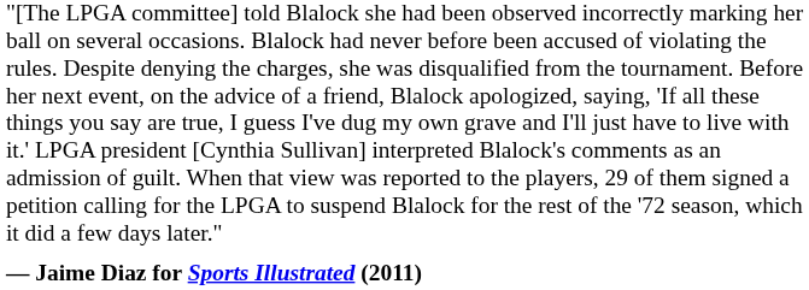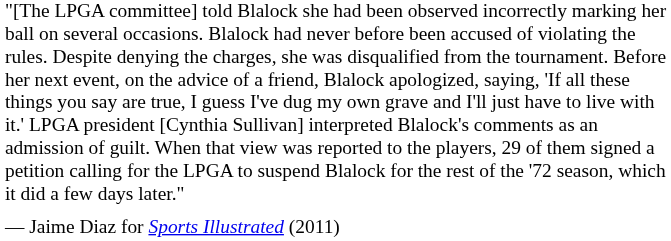 <table class="toccolours" style="float: right; margin-left: 2em; margin-right: 0em; font-size: 90%; background:offwhite; color:black; width:45em; max-width: 40%;" cellspacing="5">
 <tr>
 <td style="text-align: left;">"[The LPGA committee] told Blalock she had been observed incorrectly marking her ball on several occasions. Blalock had never before been accused of violating the rules. Despite denying the charges, she was disqualified from the tournament. Before her next event, on the advice of a friend, Blalock apologized, saying, 'If all these things you say are true, I guess I've dug my own grave and I'll just have to live with it.' LPGA president [Cynthia Sullivan] interpreted Blalock's comments as an admission of guilt. When that view was reported to the players, 29 of them signed a petition calling for the LPGA to suspend Blalock for the rest of the '72 season, which it did a few days later."</td>
 </tr>
 <tr>
-<td style="text-align: left;"><strong>— Jaime Diaz for <em><a href='#'>Sports Illustrated</a></em> (2011)</strong></td>
+<td style="text-align: left;">— Jaime Diaz for <em><a href='#'>Sports Illustrated</a></em> (2011)</td>
 </tr>
 </table>
